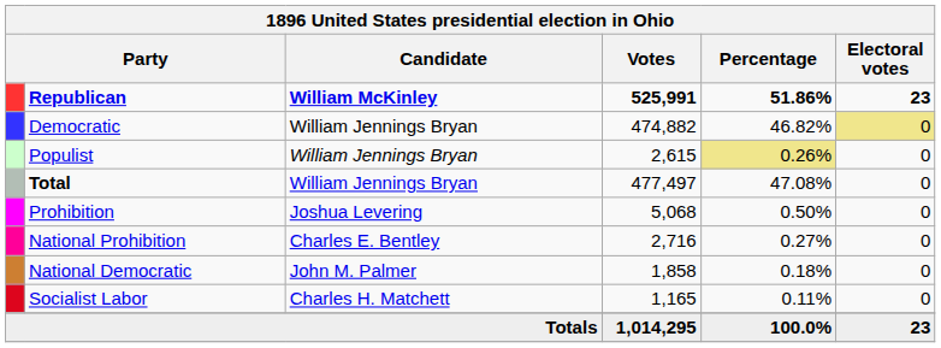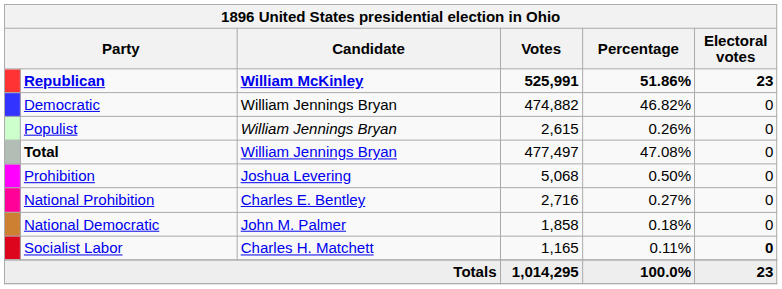 <table class="wikitable" style="font-size: 95%;">
 <tr>
 <th colspan="6">1896 United States presidential election in Ohio</th>
 </tr>
 <tr>
 <th colspan="2" style="width: 15em">Party</th>
 <th style="width: 17em">Candidate</th>
 <th style="width: 5em">Votes</th>
 <th style="width: 7em">Percentage</th>
 <th style="width: 5em">Electoral votes</th>
 </tr>
 <tr>
 <th style="background-color:#FF3333; width: 3px"></th>
 <td style="width: 130px"><strong><a href='#'>Republican</a></strong></td>
 <td><strong><a href='#'>William McKinley</a></strong></td>
 <td align="right"><strong>525,991</strong></td>
 <td align="right"><strong>51.86%</strong></td>
 <td align="right"><strong>23</strong></td>
 </tr>
 <tr>
 <th style="background-color:#3333FF; width: 3px"></th>
 <td style="width: 130px"><a href='#'>Democratic</a></td>
 <td>William Jennings Bryan</td>
 <td align="right">474,882</td>
 <td align="right">46.82%</td>
-<td align="right" style="background: khaki;">0</td>
+<td align="right">0</td>
 </tr>
 <tr>
 <th style="background-color:#CCFFCC; width: 3px"></th>
 <td style="width: 130px"><a href='#'>Populist</a></td>
 <td><em>William Jennings Bryan</em></td>
 <td align="right">2,615</td>
-<td align="right" style="background: khaki;">0.26%</td>
+<td align="right">0.26%</td>
 <td align="right">0</td>
 </tr>
 <tr>
 <th style="background-color:#B2BEB5; width: 3px"></th>
 <td style="width: 130px"><strong> Total</strong></td>
 <td><a href='#'>William Jennings Bryan</a></td>
 <td align="right">477,497</td>
 <td align="right">47.08%</td>
 <td align="right">0</td>
 </tr>
 <tr>
 <th style="background-color:#FF00FF; width: 3px"></th>
 <td style="width: 130px"><a href='#'>Prohibition</a></td>
 <td><a href='#'>Joshua Levering</a></td>
 <td align="right">5,068</td>
 <td align="right">0.50%</td>
 <td align="right">0</td>
 </tr>
 <tr>
 <th style="background-color:#f09; width: 3px"></th>
 <td style="width: 130px"><a href='#'>National Prohibition</a></td>
 <td><a href='#'>Charles E. Bentley</a></td>
 <td align="right">2,716</td>
 <td align="right">0.27%</td>
 <td align="right">0</td>
 </tr>
 <tr>
 <th style="background-color:#CD7F32; width: 3px"></th>
 <td style="width: 130px"><a href='#'>National Democratic</a></td>
 <td><a href='#'>John M. Palmer</a></td>
 <td align="right">1,858</td>
 <td align="right">0.18%</td>
 <td align="right">0</td>
 </tr>
 <tr>
 <th style="background-color:#DD051D; width: 3px"></th>
 <td style="width: 130px"><a href='#'>Socialist Labor</a></td>
 <td><a href='#'>Charles H. Matchett</a></td>
 <td align="right">1,165</td>
 <td align="right">0.11%</td>
-<td align="right">0</td>
+<td align="right"><strong>0</strong></td>
 </tr>
 <tr>
 </tr>
 <tr bgcolor="#EEEEEE">
 <td colspan="3" align="right"><strong>Totals</strong></td>
 <td align="right"><strong>1,014,295</strong></td>
 <td align="right"><strong>100.0%</strong></td>
 <td align="right"><strong>23</strong></td>
 </tr>
 <tr>
 </tr>
 </table>
